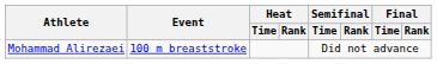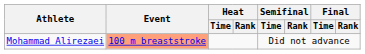 <table class=wikitable style="font-size:90%">
 <tr>
 <th rowspan="2">Athlete</th>
 <th rowspan="2">Event</th>
 <th colspan="2">Heat</th>
 <th colspan="2">Semifinal</th>
 <th colspan="2">Final</th>
 </tr>
 <tr style="font-size:95%">
 <th>Time</th>
 <th>Rank</th>
 <th>Time</th>
 <th>Rank</th>
 <th>Time</th>
 <th>Rank</th>
 </tr>
 <tr align=center>
 <td align=left><a href='#'>Mohammad Alirezaei</a></td>
-<td align=left><a href='#'>100 m breaststroke</a></td>
+<td align=left style="background: lightsalmon;"><a href='#'>100 m breaststroke</a></td>
 <td colspan=2></td>
 <td colspan=4>Did not advance</td>
 </tr>
 </table>
